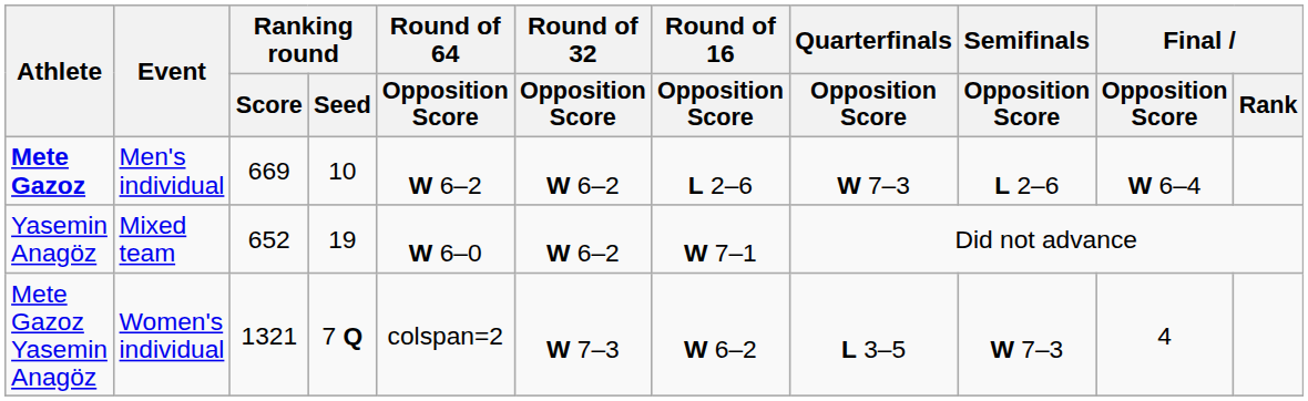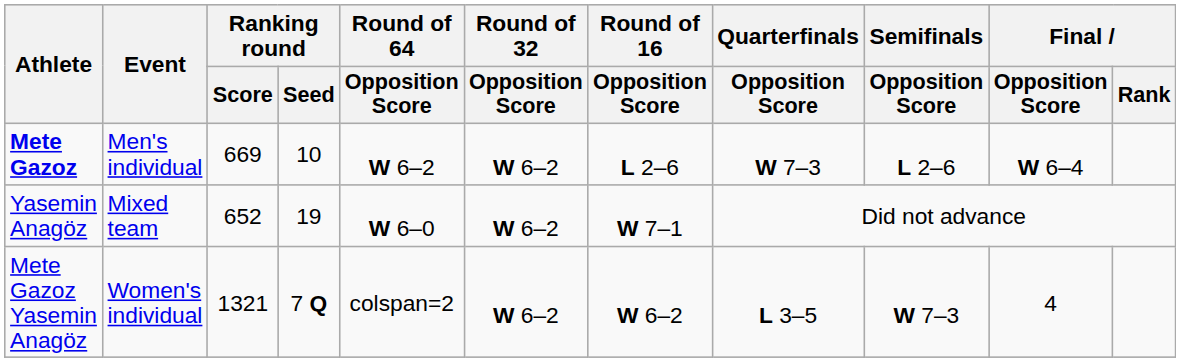 <table class="wikitable" style="font-size:90%">
 <tr>
 <th rowspan=2>Athlete</th>
 <th rowspan=2>Event</th>
 <th colspan="2">Ranking round</th>
 <th>Round of 64</th>
 <th>Round of 32</th>
 <th>Round of 16</th>
 <th>Quarterfinals</th>
 <th>Semifinals</th>
 <th colspan="2">Final / </th>
 </tr>
 <tr style="font-size:95%">
 <th>Score</th>
 <th>Seed</th>
 <th>Opposition<br>Score</th>
 <th>Opposition<br>Score</th>
 <th>Opposition<br>Score</th>
 <th>Opposition<br>Score</th>
 <th>Opposition<br>Score</th>
 <th>Opposition<br>Score</th>
 <th>Rank</th>
 </tr>
 <tr align=center>
 <td align=left><strong><a href='#'>Mete Gazoz</a></strong></td>
 <td align=left><a href='#'>Men's individual</a></td>
 <td>669</td>
 <td>10</td>
 <td><br><strong>W</strong> 6–2</td>
 <td><br><strong>W</strong> 6–2</td>
 <td><br><strong>L</strong> 2–6</td>
 <td><br><strong>W</strong> 7–3</td>
 <td><br><strong>L</strong> 2–6</td>
 <td><br><strong>W</strong> 6–4</td>
 <td></td>
 </tr>
 <tr align=center>
 <td align=left><a href='#'>Yasemin Anagöz</a></td>
 <td align=left><a href='#'>Mixed team</a></td>
 <td>652</td>
 <td>19</td>
 <td><br><strong>W</strong> 6–0</td>
 <td><br><strong>W</strong> 6–2</td>
 <td><br><strong>W</strong> 7–1</td>
 <td colspan=4>Did not advance</td>
 </tr>
 <tr align=center>
 <td align=left><a href='#'>Mete Gazoz</a><br><a href='#'>Yasemin Anagöz</a></td>
 <td align=left><a href='#'>Women's individual</a></td>
 <td>1321</td>
 <td>7 <strong>Q</strong></td>
 <td>colspan=2 </td>
-<td><br><strong>W</strong> 7–3</td>
+<td><br><strong>W</strong> 6–2</td>
 <td><br><strong>W</strong> 6–2</td>
 <td><br><strong>L</strong> 3–5</td>
 <td><br><strong>W</strong> 7–3</td>
 <td>4</td>
 </tr>
 </table>
